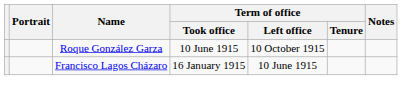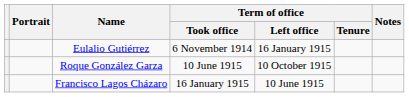 <table class="wikitable" style="text-align:center;">
 <tr>
 <th rowspan="2"></th>
 <th rowspan="2">Portrait</th>
 <th rowspan="2">Name<br></th>
 <th colspan="3">Term of office</th>
 <th rowspan="2">Notes</th>
 </tr>
 <tr>
 <th>Took office</th>
 <th>Left office</th>
 <th>Tenure</th>
+</tr>
+<tr>
+<th style="background:"></th>
+<td></td>
+<td><a href='#'>Eulalio Gutiérrez</a><br></td>
+<td>6 November 1914</td>
+<td>16 January 1915</td>
+<td></td>
+<td></td>
 </tr>
 <tr>
 <th style="background:"></th>
 <td></td>
 <td><a href='#'>Roque González Garza</a><br></td>
 <td>10 June 1915</td>
 <td>10 October 1915</td>
 <td></td>
 <td></td>
 </tr>
 <tr>
 <th style="background:"></th>
 <td></td>
 <td><a href='#'>Francisco Lagos Cházaro</a><br></td>
 <td>16 January 1915</td>
 <td>10 June 1915</td>
 <td></td>
 <td></td>
 </tr>
 </table>
